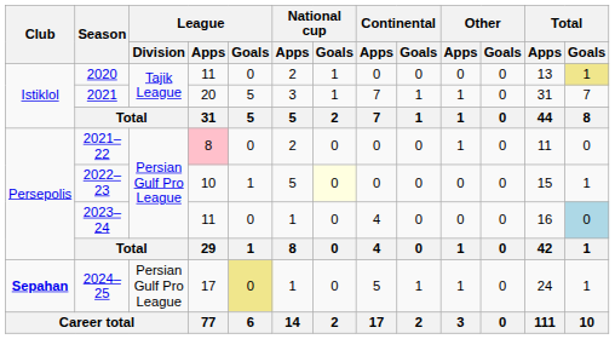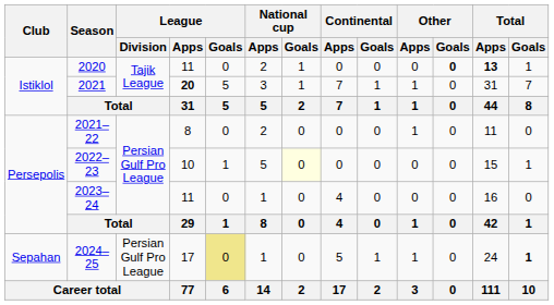 <table class="wikitable" style="text-align:center">
 <tr>
 <th rowspan="2">Club</th>
 <th rowspan="2">Season</th>
 <th colspan="3">League</th>
 <th colspan="2">National cup</th>
 <th colspan="2">Continental</th>
 <th colspan="2">Other</th>
 <th colspan="2">Total</th>
 </tr>
 <tr>
 <th>Division</th>
 <th>Apps</th>
 <th>Goals</th>
 <th>Apps</th>
 <th>Goals</th>
 <th>Apps</th>
 <th>Goals</th>
 <th>Apps</th>
 <th>Goals</th>
 <th>Apps</th>
 <th>Goals</th>
 </tr>
 <tr>
 <td rowspan="3"><a href='#'>Istiklol</a></td>
 <td><a href='#'>2020</a></td>
 <td rowspan="2"><a href='#'>Tajik League</a></td>
 <td>11</td>
 <td>0</td>
 <td>2</td>
 <td>1</td>
 <td>0</td>
 <td>0</td>
 <td>0</td>
-<td>0</td>
-<td>13</td>
-<td style="background: khaki;">1</td>
+<td><strong>0</strong></td>
+<td><strong>13</strong></td>
+<td>1</td>
 </tr>
 <tr>
 <td><a href='#'>2021</a></td>
-<td>20</td>
+<td><strong>20</strong></td>
 <td>5</td>
 <td>3</td>
 <td>1</td>
 <td>7</td>
 <td>1</td>
 <td>1</td>
 <td>0</td>
 <td>31</td>
 <td>7</td>
 </tr>
 <tr>
 <th colspan="2">Total</th>
 <th>31</th>
 <th>5</th>
 <th>5</th>
 <th>2</th>
 <th>7</th>
 <th>1</th>
 <th>1</th>
 <th>0</th>
 <th>44</th>
 <th>8</th>
 </tr>
 <tr>
 <td rowspan="4"><a href='#'>Persepolis</a></td>
 <td><a href='#'>2021–22</a></td>
 <td rowspan="3"><a href='#'>Persian Gulf Pro League</a></td>
-<td style="background: pink;">8</td>
+<td>8</td>
 <td>0</td>
 <td>2</td>
 <td>0</td>
 <td>0</td>
 <td>0</td>
 <td>1</td>
 <td>0</td>
 <td>11</td>
 <td>0</td>
 </tr>
 <tr>
 <td><a href='#'>2022–23</a></td>
 <td>10</td>
 <td>1</td>
 <td>5</td>
 <td style="background: lightyellow;">0</td>
 <td>0</td>
 <td>0</td>
 <td>0</td>
 <td>0</td>
 <td>15</td>
 <td>1</td>
 </tr>
 <tr>
 <td><a href='#'>2023–24</a></td>
 <td>11</td>
 <td>0</td>
 <td>1</td>
 <td>0</td>
 <td>4</td>
 <td>0</td>
 <td>0</td>
 <td>0</td>
 <td>16</td>
-<td style="background: lightblue;">0</td>
+<td>0</td>
 </tr>
 <tr>
 <th colspan="2">Total</th>
 <th>29</th>
 <th>1</th>
 <th>8</th>
 <th>0</th>
 <th>4</th>
 <th>0</th>
 <th>1</th>
 <th>0</th>
 <th>42</th>
 <th>1</th>
 </tr>
 <tr>
-<td><strong><a href='#'>Sepahan</a></strong></td>
+<td><a href='#'>Sepahan</a></td>
 <td><a href='#'>2024–25</a></td>
 <td>Persian Gulf Pro League</td>
 <td>17</td>
 <td style="background: khaki;">0</td>
 <td>1</td>
 <td>0</td>
 <td>5</td>
 <td>1</td>
 <td>1</td>
 <td>0</td>
 <td>24</td>
-<td>1</td>
+<td><strong>1</strong></td>
 </tr>
 <tr>
 <th colspan="3">Career total</th>
 <th>77</th>
 <th>6</th>
 <th>14</th>
 <th>2</th>
 <th>17</th>
 <th>2</th>
 <th>3</th>
 <th>0</th>
 <th>111</th>
 <th>10</th>
 </tr>
 </table>
